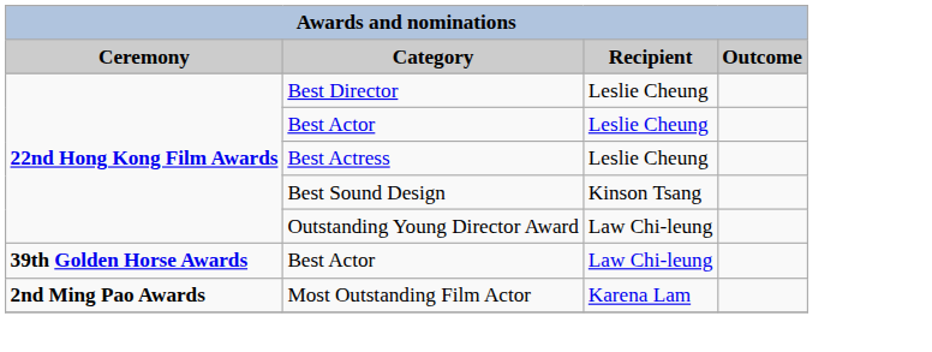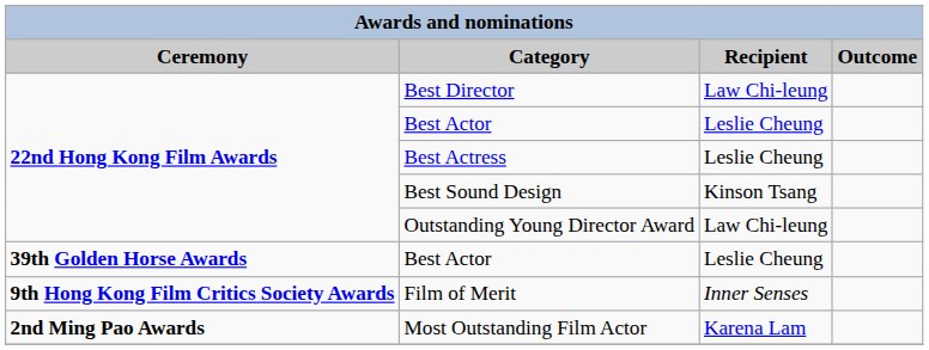 <table class="wikitable" style="font-size:95%;" ;>
 <tr style="background:#ccc; text-align:center;">
 <th colspan="4" style="background: LightSteelBlue;">Awards and nominations</th>
 </tr>
 <tr style="background:#ccc; text-align:center;">
 <th style="background:#ccc">Ceremony</th>
 <th style="background:#ccc">Category</th>
 <th style="background:#ccc">Recipient</th>
 <th style="background:#ccc">Outcome</th>
 </tr>
 <tr>
 <td rowspan=5><strong><a href='#'>22nd Hong Kong Film Awards</a></strong></td>
 <td><a href='#'>Best Director</a></td>
-<td>Leslie Cheung</td>
+<td><a href='#'>Law Chi-leung</a></td>
 <td></td>
 </tr>
 <tr>
 <td><a href='#'>Best Actor</a></td>
 <td><a href='#'>Leslie Cheung</a></td>
 <td></td>
 </tr>
 <tr>
 <td><a href='#'>Best Actress</a></td>
 <td>Leslie Cheung</td>
 <td></td>
 </tr>
 <tr>
 <td>Best Sound Design</td>
 <td>Kinson Tsang</td>
 <td></td>
 </tr>
 <tr>
 <td>Outstanding Young Director Award</td>
 <td>Law Chi-leung</td>
 <td></td>
 </tr>
 <tr>
 <td><strong>39th <a href='#'>Golden Horse Awards</a></strong></td>
 <td>Best Actor</td>
-<td><a href='#'>Law Chi-leung</a></td>
+<td>Leslie Cheung</td>
+<td></td>
+</tr>
+<tr>
+<td><strong>9th <a href='#'>Hong Kong Film Critics Society Awards</a></strong></td>
+<td>Film of Merit</td>
+<td><em>Inner Senses</em></td>
 <td></td>
 </tr>
 <tr>
 <td><strong>2nd Ming Pao Awards</strong></td>
 <td>Most Outstanding Film Actor</td>
 <td><a href='#'>Karena Lam</a></td>
 <td></td>
 </tr>
 <tr>
 </tr>
 </table>
